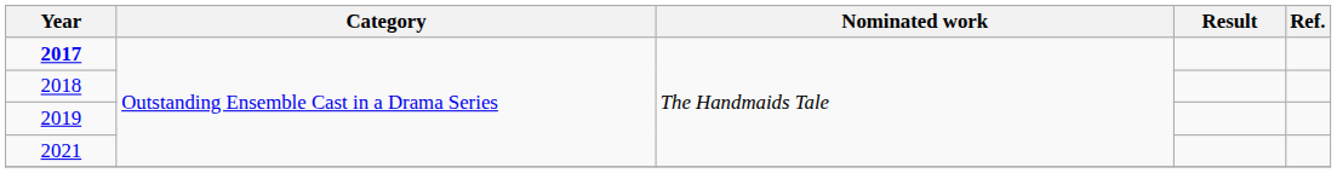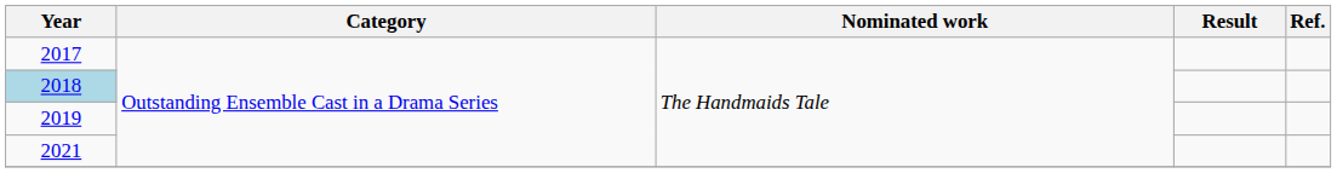 <table class=wikitable>
 <tr>
 <th scope="col" style="width:5em;">Year</th>
 <th scope="col" style="width:26em;">Category</th>
 <th scope="col" style="width:25em;">Nominated work</th>
 <th scope="col" style="width:5em;">Result</th>
 <th>Ref.</th>
 </tr>
 <tr>
-<td style="text-align:center;"><strong><a href='#'>2017</a></strong></td>
+<td style="text-align:center;"><a href='#'>2017</a></td>
 <td rowspan=4><a href='#'>Outstanding Ensemble Cast in a Drama Series</a></td>
 <td rowspan=4><em>The Handmaids Tale</em></td>
 <td></td>
 <td></td>
 </tr>
 <tr>
-<td style="text-align:center;"><a href='#'>2018</a></td>
+<td style="background: lightblue; text-align:center;"><a href='#'>2018</a></td>
 <td></td>
 <td></td>
 </tr>
 <tr>
 <td style="text-align:center;"><a href='#'>2019</a></td>
 <td></td>
 <td></td>
 </tr>
 <tr>
 <td style="text-align:center;"><a href='#'>2021</a></td>
 <td></td>
 <td></td>
 </tr>
 <tr>
 </tr>
 </table>
